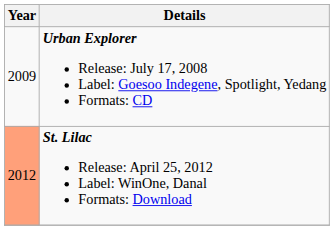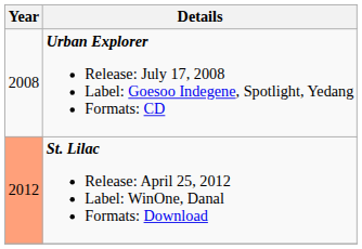 <table class="wikitable" style="text-align:center">
 <tr>
 <th>Year</th>
 <th>Details</th>
 </tr>
 <tr>
-<td style="text-align:center;">2009</td>
+<td style="text-align:center;">2008</td>
 <td style="text-align:left;"><strong><em>Urban Explorer</em></strong><br><ul><li>Release: July 17, 2008</li><li>Label: <a href='#'>Goesoo Indegene</a>, Spotlight, Yedang</li><li>Formats: <a href='#'>CD</a></li></ul></td>
 </tr>
 <tr>
 <td style="background: lightsalmon; text-align:center;">2012</td>
 <td style="text-align:left;"><strong><em>St. Lilac</em></strong><br><ul><li>Release: April 25, 2012</li><li>Label: WinOne, Danal</li><li>Formats: <a href='#'>Download</a></li></ul></td>
 </tr>
 <tr>
 </tr>
 </table>
